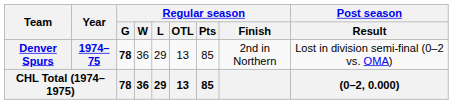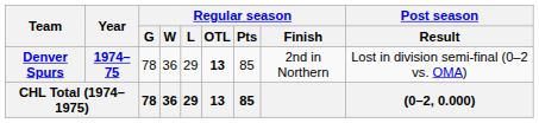 <table class="wikitable" style="font-size: 95%; text-align:center;">
 <tr>
 <th rowspan="2">Team</th>
 <th rowspan="2">Year</th>
 <th colspan="6"><a href='#'>Regular season</a></th>
 <th colspan="1"><a href='#'>Post season</a></th>
 </tr>
 <tr>
 <th>G</th>
 <th>W</th>
 <th>L</th>
 <th>OTL</th>
 <th>Pts</th>
 <th>Finish</th>
 <th>Result</th>
 </tr>
 <tr>
 <th><a href='#'>Denver Spurs</a></th>
 <th><a href='#'>1974–75</a></th>
-<td><strong>78</strong></td>
+<td>78</td>
 <td>36</td>
 <td>29</td>
-<td>13</td>
+<td><strong>13</strong></td>
 <td>85</td>
 <td>2nd in Northern</td>
 <td>Lost in division semi-final (0–2 vs. <a href='#'>OMA</a>)</td>
 </tr>
 <tr>
 <th colspan="2">CHL Total (1974–1975)</th>
 <th>78</th>
 <th>36</th>
 <th>29</th>
 <th>13</th>
 <th>85</th>
 <th></th>
 <th>(0–2, 0.000)</th>
 </tr>
 </table>
